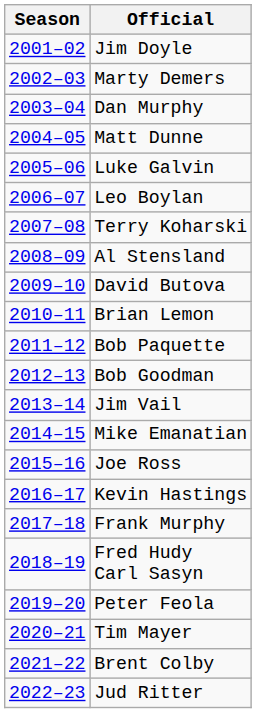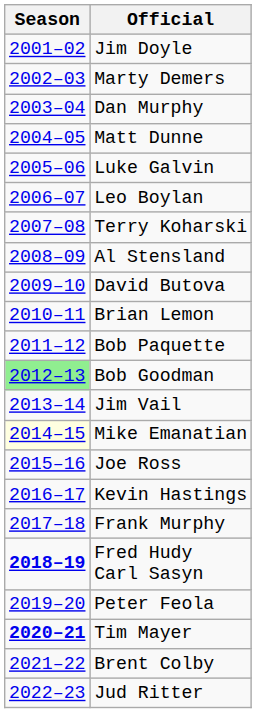 <table class="wikitable sortable">
 <tr>
 <th>Season</th>
 <th>Official</th>
 </tr>
 <tr>
 <td><a href='#'>2001–02</a></td>
 <td>Jim Doyle</td>
 </tr>
 <tr>
 <td><a href='#'>2002–03</a></td>
 <td>Marty Demers</td>
 </tr>
 <tr>
 <td><a href='#'>2003–04</a></td>
 <td>Dan Murphy</td>
 </tr>
 <tr>
 <td><a href='#'>2004–05</a></td>
 <td>Matt Dunne</td>
 </tr>
 <tr>
 <td><a href='#'>2005–06</a></td>
 <td>Luke Galvin</td>
 </tr>
 <tr>
 <td><a href='#'>2006–07</a></td>
 <td>Leo Boylan</td>
 </tr>
 <tr>
 <td><a href='#'>2007–08</a></td>
 <td>Terry Koharski</td>
 </tr>
 <tr>
 <td><a href='#'>2008–09</a></td>
 <td>Al Stensland</td>
 </tr>
 <tr>
 <td><a href='#'>2009–10</a></td>
 <td>David Butova</td>
 </tr>
 <tr>
 <td><a href='#'>2010–11</a></td>
 <td>Brian Lemon</td>
 </tr>
 <tr>
 <td><a href='#'>2011–12</a></td>
 <td>Bob Paquette</td>
 </tr>
 <tr>
-<td><a href='#'>2012–13</a></td>
+<td style="background: lightgreen;"><a href='#'>2012–13</a></td>
 <td>Bob Goodman</td>
 </tr>
 <tr>
 <td><a href='#'>2013–14</a></td>
 <td>Jim Vail</td>
 </tr>
 <tr>
-<td><a href='#'>2014–15</a></td>
+<td style="background: lightyellow;"><a href='#'>2014–15</a></td>
 <td>Mike Emanatian</td>
 </tr>
 <tr>
 <td><a href='#'>2015–16</a></td>
 <td>Joe Ross</td>
 </tr>
 <tr>
 <td><a href='#'>2016–17</a></td>
 <td>Kevin Hastings</td>
 </tr>
 <tr>
 <td><a href='#'>2017–18</a></td>
 <td>Frank Murphy</td>
 </tr>
 <tr>
-<td><a href='#'>2018–19</a></td>
+<td><strong><a href='#'>2018–19</a></strong></td>
 <td>Fred Hudy<br>Carl Sasyn</td>
 </tr>
 <tr>
 <td><a href='#'>2019–20</a></td>
 <td>Peter Feola</td>
 </tr>
 <tr>
-<td><a href='#'>2020–21</a></td>
+<td><strong><a href='#'>2020–21</a></strong></td>
 <td>Tim Mayer</td>
 </tr>
 <tr>
 <td><a href='#'>2021–22</a></td>
 <td>Brent Colby</td>
 </tr>
 <tr>
 <td><a href='#'>2022–23</a></td>
 <td>Jud Ritter</td>
 </tr>
 </table>
